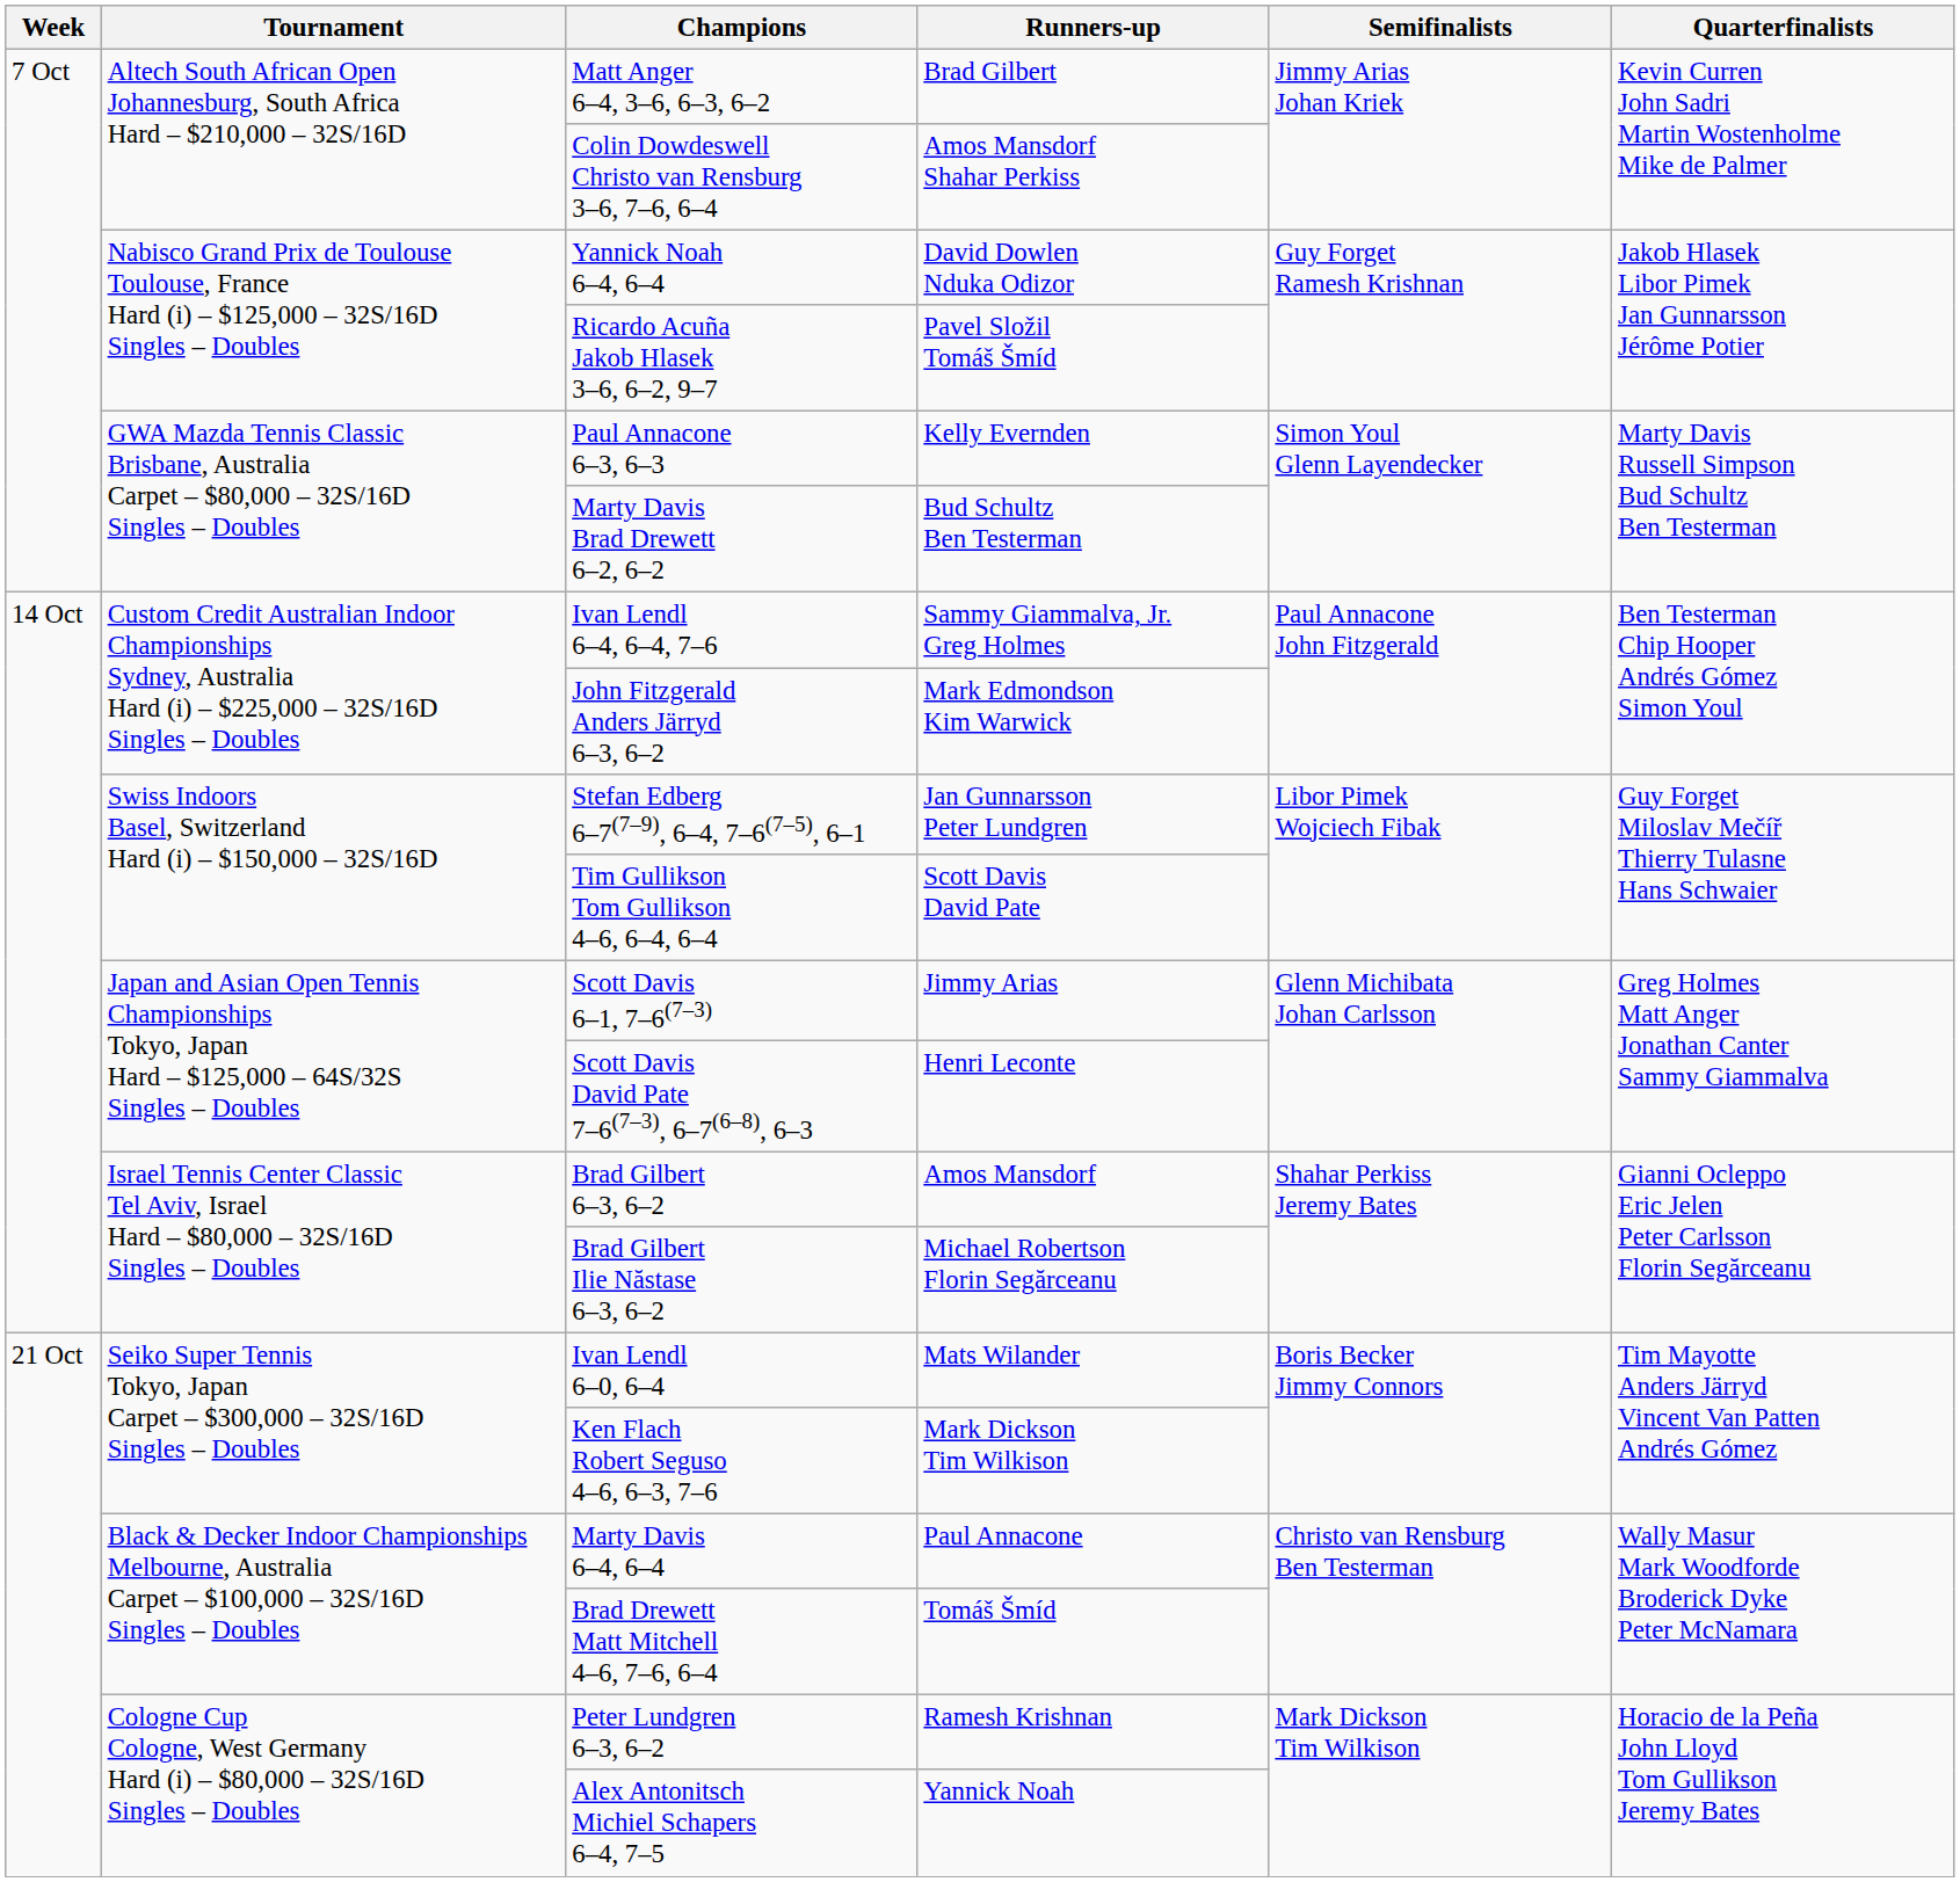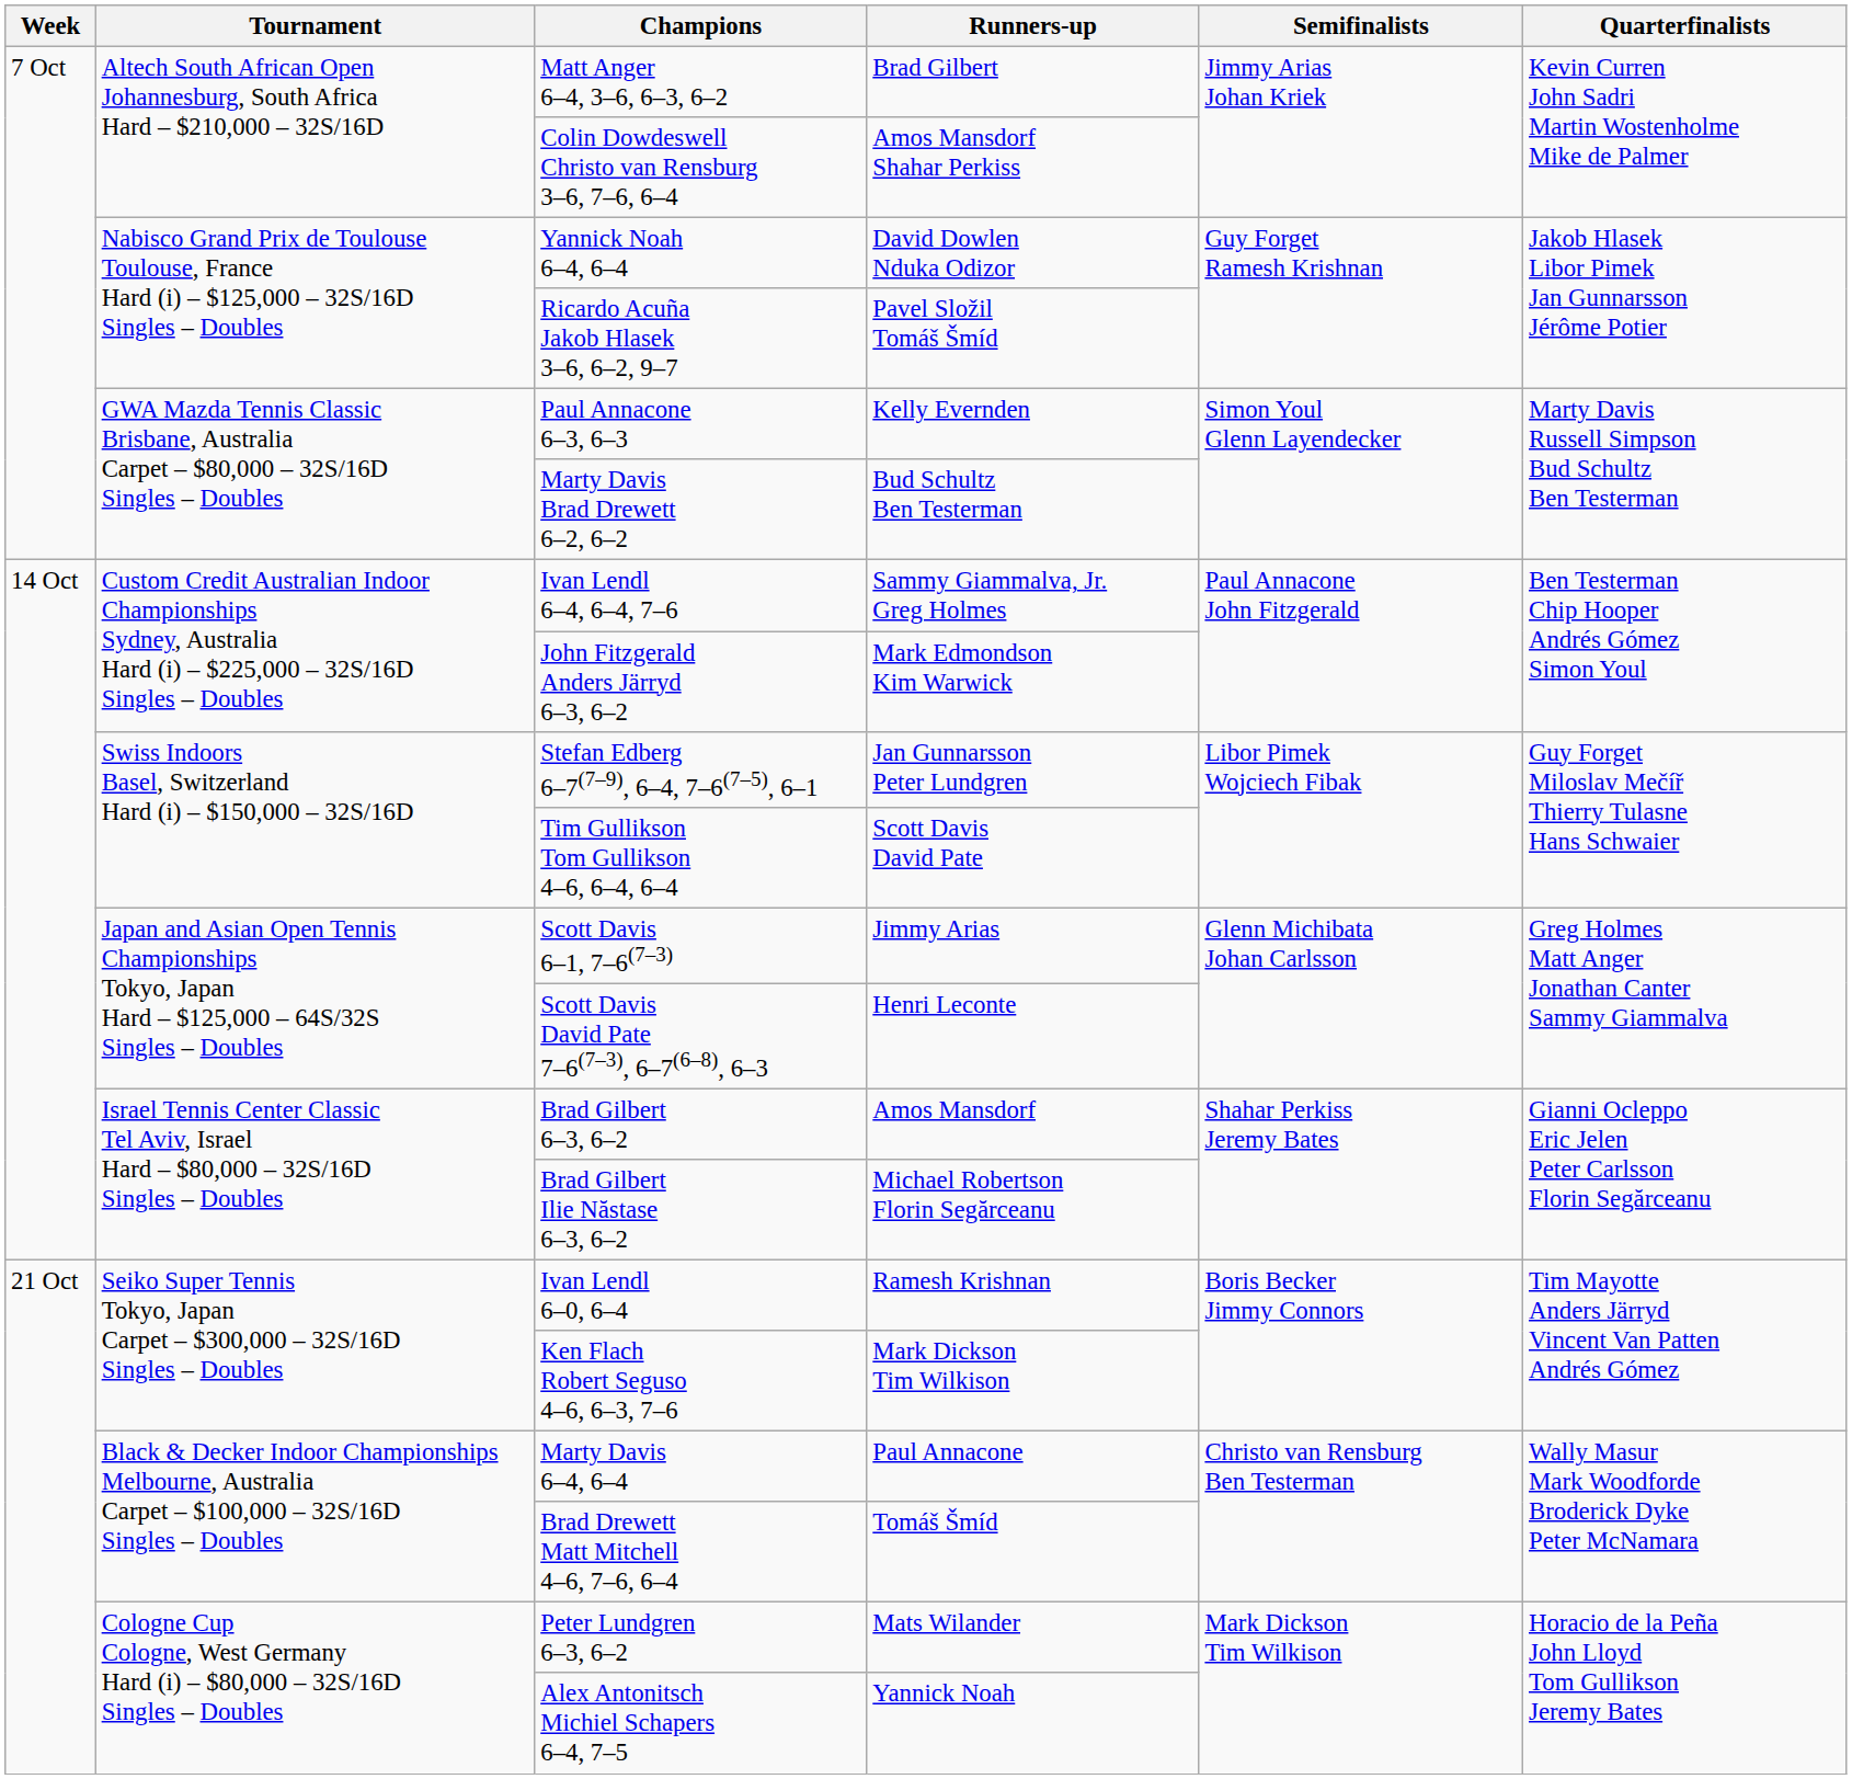 <table class=wikitable style=font-size:95%>
 <tr>
 <th style="width:48px;">Week</th>
 <th style="width:260px;">Tournament</th>
 <th style="width:195px;">Champions</th>
 <th style="width:195px;">Runners-up</th>
 <th style="width:190px;">Semifinalists</th>
 <th style="width:190px;">Quarterfinalists</th>
 </tr>
 <tr valign=top>
 <td rowspan=6>7 Oct</td>
 <td rowspan="2"><a href='#'>Altech South African Open</a><br><a href='#'>Johannesburg</a>, South Africa<br>Hard – $210,000 – 32S/16D</td>
 <td> <a href='#'>Matt Anger</a><br>6–4, 3–6, 6–3, 6–2</td>
 <td> <a href='#'>Brad Gilbert</a></td>
 <td rowspan=2> <a href='#'>Jimmy Arias</a> <br>  <a href='#'>Johan Kriek</a></td>
 <td rowspan=2> <a href='#'>Kevin Curren</a> <br>  <a href='#'>John Sadri</a> <br>  <a href='#'>Martin Wostenholme</a> <br>  <a href='#'>Mike de Palmer</a></td>
 </tr>
 <tr valign=top>
 <td> <a href='#'>Colin Dowdeswell</a> <br>  <a href='#'>Christo van Rensburg</a> <br> 3–6, 7–6, 6–4</td>
 <td> <a href='#'>Amos Mansdorf</a> <br>  <a href='#'>Shahar Perkiss</a></td>
 </tr>
 <tr valign=top>
 <td rowspan="2"><a href='#'>Nabisco Grand Prix de Toulouse</a><br> <a href='#'>Toulouse</a>, France<br>Hard (i) – $125,000 – 32S/16D <br> <a href='#'>Singles</a> – <a href='#'>Doubles</a></td>
 <td> <a href='#'>Yannick Noah</a> <br> 6–4, 6–4</td>
 <td> <a href='#'>David Dowlen</a><br> <a href='#'>Nduka Odizor</a></td>
 <td rowspan=2> <a href='#'>Guy Forget</a> <br>  <a href='#'>Ramesh Krishnan</a></td>
 <td rowspan=2> <a href='#'>Jakob Hlasek</a> <br>  <a href='#'>Libor Pimek</a> <br>  <a href='#'>Jan Gunnarsson</a> <br>  <a href='#'>Jérôme Potier</a></td>
 </tr>
 <tr valign=top>
 <td> <a href='#'>Ricardo Acuña</a> <br>  <a href='#'>Jakob Hlasek</a> <br> 3–6, 6–2, 9–7</td>
 <td> <a href='#'>Pavel Složil</a> <br>  <a href='#'>Tomáš Šmíd</a></td>
 </tr>
 <tr valign=top>
 <td rowspan="2"><a href='#'>GWA Mazda Tennis Classic</a><br> <a href='#'>Brisbane</a>, Australia<br>Carpet – $80,000 – 32S/16D <br> <a href='#'>Singles</a> – <a href='#'>Doubles</a></td>
 <td> <a href='#'>Paul Annacone</a><br>6–3, 6–3</td>
 <td> <a href='#'>Kelly Evernden</a></td>
 <td rowspan=2> <a href='#'>Simon Youl</a> <br>  <a href='#'>Glenn Layendecker</a></td>
 <td rowspan=2> <a href='#'>Marty Davis</a> <br>  <a href='#'>Russell Simpson</a> <br>  <a href='#'>Bud Schultz</a> <br>  <a href='#'>Ben Testerman</a></td>
 </tr>
 <tr valign=top>
 <td> <a href='#'>Marty Davis</a><br> <a href='#'>Brad Drewett</a><br>6–2, 6–2</td>
 <td> <a href='#'>Bud Schultz</a><br> <a href='#'>Ben Testerman</a></td>
 </tr>
 <tr valign=top>
 <td rowspan=8>14 Oct</td>
 <td rowspan="2"><a href='#'>Custom Credit Australian Indoor Championships</a><br> <a href='#'>Sydney</a>, Australia<br>Hard (i) – $225,000 – 32S/16D<br><a href='#'>Singles</a> – <a href='#'>Doubles</a></td>
 <td> <a href='#'>Ivan Lendl</a><br>6–4, 6–4, 7–6</td>
 <td> <a href='#'>Sammy Giammalva, Jr.</a><br>  <a href='#'>Greg Holmes</a></td>
 <td rowspan=2> <a href='#'>Paul Annacone</a><br> <a href='#'>John Fitzgerald</a></td>
 <td rowspan=2> <a href='#'>Ben Testerman</a><br> <a href='#'>Chip Hooper</a><br> <a href='#'>Andrés Gómez</a><br> <a href='#'>Simon Youl</a></td>
 </tr>
 <tr valign=top>
 <td> <a href='#'>John Fitzgerald</a><br> <a href='#'>Anders Järryd</a><br>6–3, 6–2</td>
 <td> <a href='#'>Mark Edmondson</a><br> <a href='#'>Kim Warwick</a></td>
 </tr>
 <tr valign=top>
 <td rowspan="2"><a href='#'>Swiss Indoors</a><br><a href='#'>Basel</a>, Switzerland<br>Hard (i) – $150,000 – 32S/16D</td>
 <td> <a href='#'>Stefan Edberg</a><br>6–7<sup>(7–9)</sup>, 6–4, 7–6<sup>(7–5)</sup>, 6–1</td>
 <td> <a href='#'>Jan Gunnarsson</a> <br>  <a href='#'>Peter Lundgren</a></td>
 <td rowspan=2> <a href='#'>Libor Pimek</a> <br>  <a href='#'>Wojciech Fibak</a></td>
 <td rowspan=2> <a href='#'>Guy Forget</a> <br>  <a href='#'>Miloslav Mečíř</a> <br>  <a href='#'>Thierry Tulasne</a> <br>  <a href='#'>Hans Schwaier</a></td>
 </tr>
 <tr valign=top>
 <td> <a href='#'>Tim Gullikson</a><br> <a href='#'>Tom Gullikson</a><br>4–6, 6–4, 6–4</td>
 <td> <a href='#'>Scott Davis</a><br> <a href='#'>David Pate</a></td>
 </tr>
 <tr valign=top>
 <td rowspan="2"><a href='#'>Japan and Asian Open Tennis Championships</a><br> Tokyo, Japan<br>Hard – $125,000 – 64S/32S <br> <a href='#'>Singles</a> – <a href='#'>Doubles</a></td>
 <td> <a href='#'>Scott Davis</a><br>6–1, 7–6<sup>(7–3)</sup></td>
 <td> <a href='#'>Jimmy Arias</a></td>
 <td rowspan=2> <a href='#'>Glenn Michibata</a> <br>  <a href='#'>Johan Carlsson</a></td>
 <td rowspan=2> <a href='#'>Greg Holmes</a> <br>  <a href='#'>Matt Anger</a> <br>  <a href='#'>Jonathan Canter</a> <br>  <a href='#'>Sammy Giammalva</a></td>
 </tr>
 <tr valign=top>
 <td> <a href='#'>Scott Davis</a><br> <a href='#'>David Pate</a><br>7–6<sup>(7–3)</sup>, 6–7<sup>(6–8)</sup>, 6–3</td>
 <td> <a href='#'>Henri Leconte</a></td>
 </tr>
 <tr valign=top>
 <td rowspan="2"><a href='#'>Israel Tennis Center Classic</a><br> <a href='#'>Tel Aviv</a>, Israel<br>Hard – $80,000 – 32S/16D <br> <a href='#'>Singles</a> – <a href='#'>Doubles</a></td>
 <td> <a href='#'>Brad Gilbert</a><br>6–3, 6–2</td>
 <td> <a href='#'>Amos Mansdorf</a></td>
 <td rowspan=2> <a href='#'>Shahar Perkiss</a> <br>  <a href='#'>Jeremy Bates</a></td>
 <td rowspan=2> <a href='#'>Gianni Ocleppo</a> <br>  <a href='#'>Eric Jelen</a> <br>  <a href='#'>Peter Carlsson</a> <br>  <a href='#'>Florin Segărceanu</a></td>
 </tr>
 <tr valign=top>
 <td> <a href='#'>Brad Gilbert</a><br> <a href='#'>Ilie Năstase</a><br>6–3, 6–2</td>
 <td> <a href='#'>Michael Robertson</a><br> <a href='#'>Florin Segărceanu</a></td>
 </tr>
 <tr valign=top>
 <td rowspan=6>21 Oct</td>
 <td rowspan="2"><a href='#'>Seiko Super Tennis</a><br> Tokyo, Japan<br>Carpet – $300,000 – 32S/16D <br> <a href='#'>Singles</a> – <a href='#'>Doubles</a></td>
 <td> <a href='#'>Ivan Lendl</a><br>6–0, 6–4</td>
-<td> <a href='#'>Mats Wilander</a></td>
+<td> <a href='#'>Ramesh Krishnan</a></td>
 <td rowspan=2> <a href='#'>Boris Becker</a> <br>  <a href='#'>Jimmy Connors</a></td>
 <td rowspan=2> <a href='#'>Tim Mayotte</a> <br>  <a href='#'>Anders Järryd</a> <br>  <a href='#'>Vincent Van Patten</a> <br>  <a href='#'>Andrés Gómez</a></td>
 </tr>
 <tr valign=top>
 <td> <a href='#'>Ken Flach</a><br> <a href='#'>Robert Seguso</a><br>4–6, 6–3, 7–6</td>
 <td> <a href='#'>Mark Dickson</a><br> <a href='#'>Tim Wilkison</a></td>
 </tr>
 <tr valign=top>
 <td rowspan="2"><a href='#'>Black & Decker Indoor Championships</a><br> <a href='#'>Melbourne</a>, Australia<br>Carpet – $100,000 – 32S/16D<br><a href='#'>Singles</a> – <a href='#'>Doubles</a></td>
 <td> <a href='#'>Marty Davis</a><br>6–4, 6–4</td>
 <td> <a href='#'>Paul Annacone</a></td>
 <td rowspan=2> <a href='#'>Christo van Rensburg</a><br> <a href='#'>Ben Testerman</a></td>
 <td rowspan=2> <a href='#'>Wally Masur</a><br> <a href='#'>Mark Woodforde</a><br> <a href='#'>Broderick Dyke</a><br> <a href='#'>Peter McNamara</a></td>
 </tr>
 <tr valign=top>
 <td> <a href='#'>Brad Drewett</a><br> <a href='#'>Matt Mitchell</a><br>4–6, 7–6, 6–4</td>
 <td> <a href='#'>Tomáš Šmíd</a></td>
 </tr>
 <tr valign=top>
 <td rowspan="2"><a href='#'>Cologne Cup</a><br> <a href='#'>Cologne</a>, West Germany<br>Hard (i) – $80,000 – 32S/16D <br> <a href='#'>Singles</a> – <a href='#'>Doubles</a></td>
 <td> <a href='#'>Peter Lundgren</a> <br> 6–3, 6–2</td>
-<td> <a href='#'>Ramesh Krishnan</a></td>
+<td> <a href='#'>Mats Wilander</a></td>
 <td rowspan=2> <a href='#'>Mark Dickson</a> <br>  <a href='#'>Tim Wilkison</a></td>
 <td rowspan=2> <a href='#'>Horacio de la Peña</a> <br>  <a href='#'>John Lloyd</a> <br>  <a href='#'>Tom Gullikson</a> <br>  <a href='#'>Jeremy Bates</a></td>
 </tr>
 <tr valign=top>
 <td> <a href='#'>Alex Antonitsch</a> <br>  <a href='#'>Michiel Schapers</a> <br> 6–4, 7–5</td>
 <td> <a href='#'>Yannick Noah</a></td>
 </tr>
 </table>
